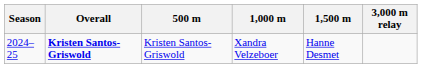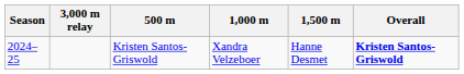 <table class='wikitable'>
 <tr>
 <th>Season</th>
-<th>Overall</th>
+<th>3,000 m relay</th>
 <th>500 m</th>
 <th>1,000 m</th>
 <th>1,500 m</th>
-<th>3,000 m relay</th>
+<th>Overall</th>
 </tr>
 <tr>
 <td><a href='#'>2024–25</a></td>
-<td> <strong><a href='#'>Kristen Santos-Griswold</a></strong></td>
+<td><br></td>
 <td> <a href='#'>Kristen Santos-Griswold</a></td>
 <td> <a href='#'>Xandra Velzeboer</a></td>
 <td> <a href='#'>Hanne Desmet</a></td>
-<td><br></td>
+<td> <strong><a href='#'>Kristen Santos-Griswold</a></strong></td>
 </tr>
 </table>
